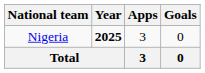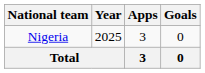 <table class=wikitable style=text-align:center>
 <tr>
 <th>National team</th>
 <th>Year</th>
 <th>Apps</th>
 <th>Goals</th>
 </tr>
 <tr>
 <td rowspan="1"><a href='#'>Nigeria</a></td>
-<td><strong>2025</strong></td>
+<td>2025</td>
 <td>3</td>
 <td>0</td>
 </tr>
 <tr>
 <th colspan="2">Total</th>
 <th>3</th>
 <th>0</th>
 </tr>
 </table>
